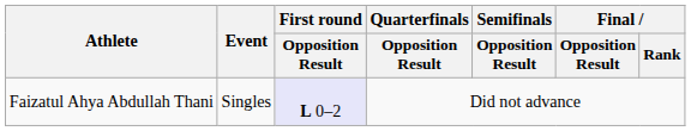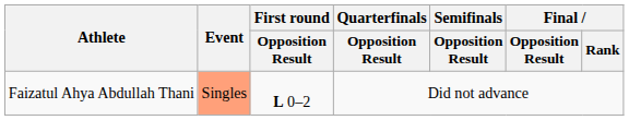 <table class="wikitable" style="font-size:90%;">
 <tr>
 <th rowspan=2>Athlete</th>
 <th rowspan=2>Event</th>
 <th>First round</th>
 <th>Quarterfinals</th>
 <th>Semifinals</th>
 <th colspan=2>Final / </th>
 </tr>
 <tr style="font-size:95%">
 <th>Opposition<br>Result</th>
 <th>Opposition<br>Result</th>
 <th>Opposition<br>Result</th>
 <th>Opposition<br>Result</th>
 <th>Rank</th>
 </tr>
 <tr align=center>
 <td align=left>Faizatul Ahya Abdullah Thani</td>
-<td align=left>Singles</td>
-<td style="background: lavender;"><br><strong>L</strong> 0–2</td>
+<td align=left style="background: lightsalmon;">Singles</td>
+<td><br><strong>L</strong> 0–2</td>
 <td colspan=4>Did not advance</td>
 </tr>
 </table>
